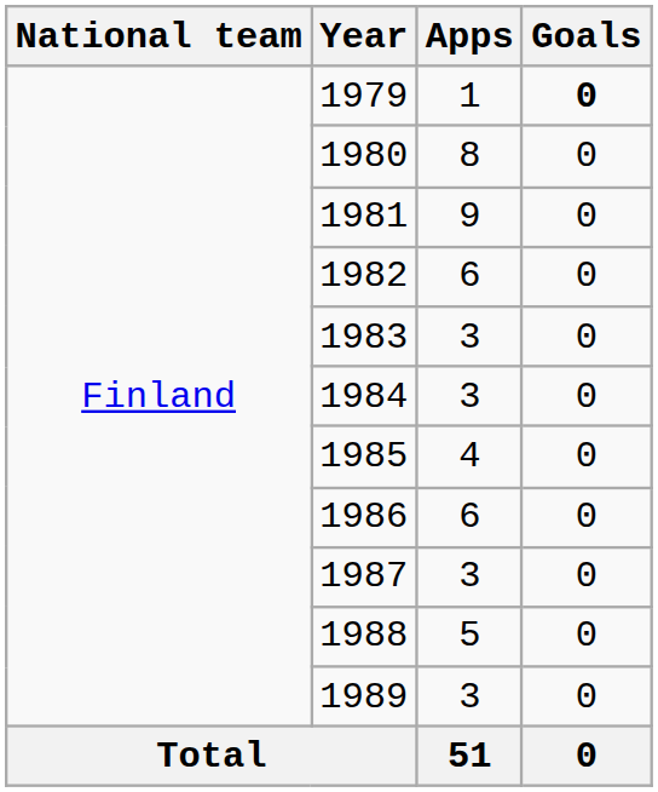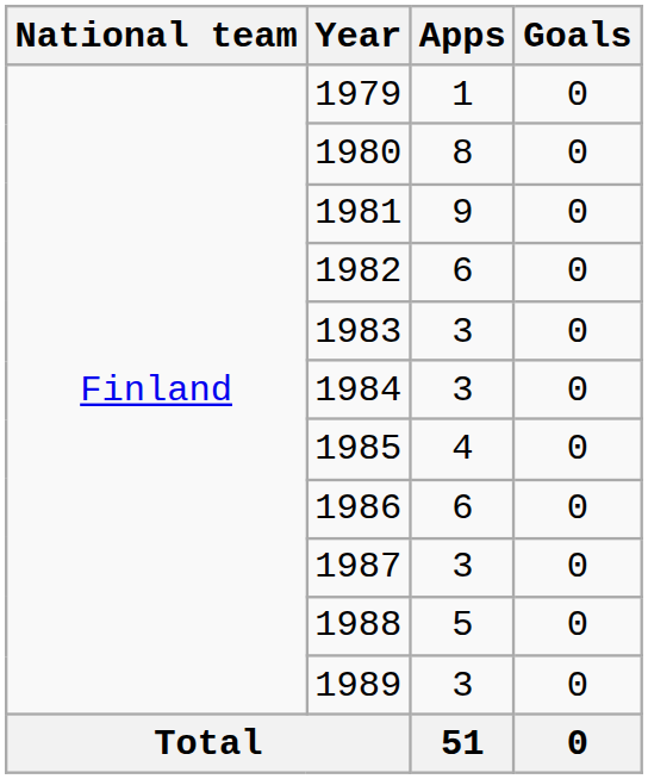 <table class="wikitable" style="text-align:center">
 <tr>
 <th>National team</th>
 <th>Year</th>
 <th>Apps</th>
 <th>Goals</th>
 </tr>
 <tr>
 <td rowspan="11"><a href='#'>Finland</a></td>
 <td>1979</td>
 <td>1</td>
-<td><strong>0</strong></td>
+<td>0</td>
 </tr>
 <tr>
 <td>1980</td>
 <td>8</td>
 <td>0</td>
 </tr>
 <tr>
 <td>1981</td>
 <td>9</td>
 <td>0</td>
 </tr>
 <tr>
 <td>1982</td>
 <td>6</td>
 <td>0</td>
 </tr>
 <tr>
 <td>1983</td>
 <td>3</td>
 <td>0</td>
 </tr>
 <tr>
 <td>1984</td>
 <td>3</td>
 <td>0</td>
 </tr>
 <tr>
 <td>1985</td>
 <td>4</td>
 <td>0</td>
 </tr>
 <tr>
 <td>1986</td>
 <td>6</td>
 <td>0</td>
 </tr>
 <tr>
 <td>1987</td>
 <td>3</td>
 <td>0</td>
 </tr>
 <tr>
 <td>1988</td>
 <td>5</td>
 <td>0</td>
 </tr>
 <tr>
 <td>1989</td>
 <td>3</td>
 <td>0</td>
 </tr>
 <tr>
 <th colspan="2">Total</th>
 <th>51</th>
 <th>0</th>
 </tr>
 </table>
